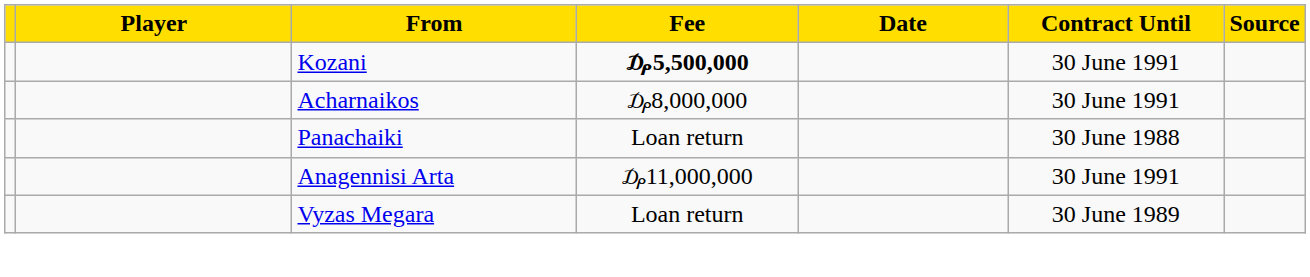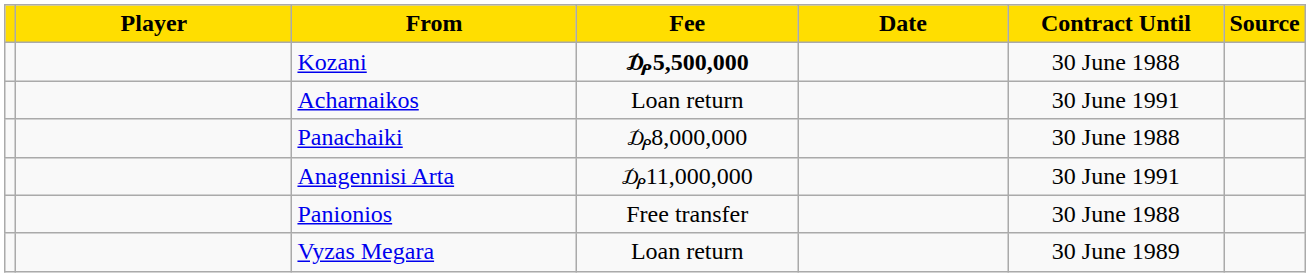 <table class="wikitable sortable">
 <tr>
 <th style="background:#FFDE00"></th>
 <th width=200 style="background:#FFDE00">Player</th>
 <th width=200 style="background:#FFDE00">From</th>
 <th width=150 style="background:#FFDE00">Fee</th>
 <th width=150 style="background:#FFDE00">Date</th>
 <th width=150 style="background:#FFDE00">Contract Until</th>
 <th style="background:#FFDE00">Source</th>
 </tr>
 <tr>
 <td align=center></td>
 <td></td>
 <td> <a href='#'>Kozani</a></td>
 <td align=center><strong>₯5,500,000</strong></td>
 <td align=center></td>
-<td align=center>30 June 1991</td>
+<td align=center>30 June 1988</td>
 <td align=center></td>
 </tr>
 <tr>
 <td align=center></td>
 <td></td>
 <td> <a href='#'>Acharnaikos</a></td>
-<td align=center>₯8,000,000</td>
+<td align=center>Loan return</td>
 <td align=center></td>
 <td align=center>30 June 1991</td>
 <td align=center></td>
 </tr>
 <tr>
 <td align=center></td>
 <td></td>
 <td> <a href='#'>Panachaiki</a></td>
-<td align=center>Loan return</td>
+<td align=center>₯8,000,000</td>
 <td align=center></td>
 <td align=center>30 June 1988</td>
 <td align=center></td>
 </tr>
 <tr>
 <td align=center></td>
 <td></td>
 <td> <a href='#'>Anagennisi Arta</a></td>
 <td align=center>₯11,000,000</td>
 <td align=center></td>
 <td align=center>30 June 1991</td>
 <td align=center></td>
 </tr>
 <tr>
 <td align=center></td>
 <td></td>
+<td> <a href='#'>Panionios</a></td>
+<td align=center>Free transfer</td>
+<td align=center></td>
+<td align=center>30 June 1988</td>
+<td align=center></td>
+</tr>
+<tr>
+<td align=center></td>
+<td></td>
 <td> <a href='#'>Vyzas Megara</a></td>
 <td align=center>Loan return</td>
 <td align=center></td>
 <td align=center>30 June 1989</td>
 <td align=center></td>
 </tr>
 </table>
